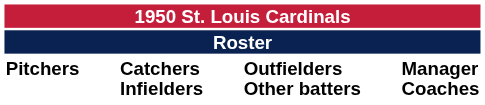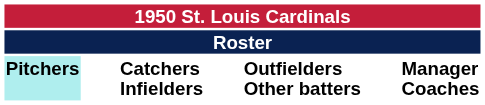 <table class="toccolours" style="font-size: 95%;">
 <tr>
 <th colspan="10" style="background-color: #c41e3a; color: white; text-align: center;">1950 St. Louis Cardinals</th>
 </tr>
 <tr>
 <td colspan="10" style="background-color: #0a2252; color: white; text-align: center;"><strong>Roster</strong></td>
 </tr>
 <tr>
-<td valign="top"><strong>Pitchers</strong><br>              </td>
+<td valign="top" style="background: paleturquoise;"><strong>Pitchers</strong><br>              </td>
 <td width="25px"></td>
 <td valign="top"><strong>Catchers</strong><br>   <strong>Infielders</strong>            </td>
 <td width="25px"></td>
 <td valign="top"><strong>Outfielders</strong><br>        <strong>Other batters</strong>  </td>
 <td width="25px"></td>
 <td valign="top"><strong>Manager</strong><br> <strong>Coaches</strong>    </td>
 </tr>
 </table>
